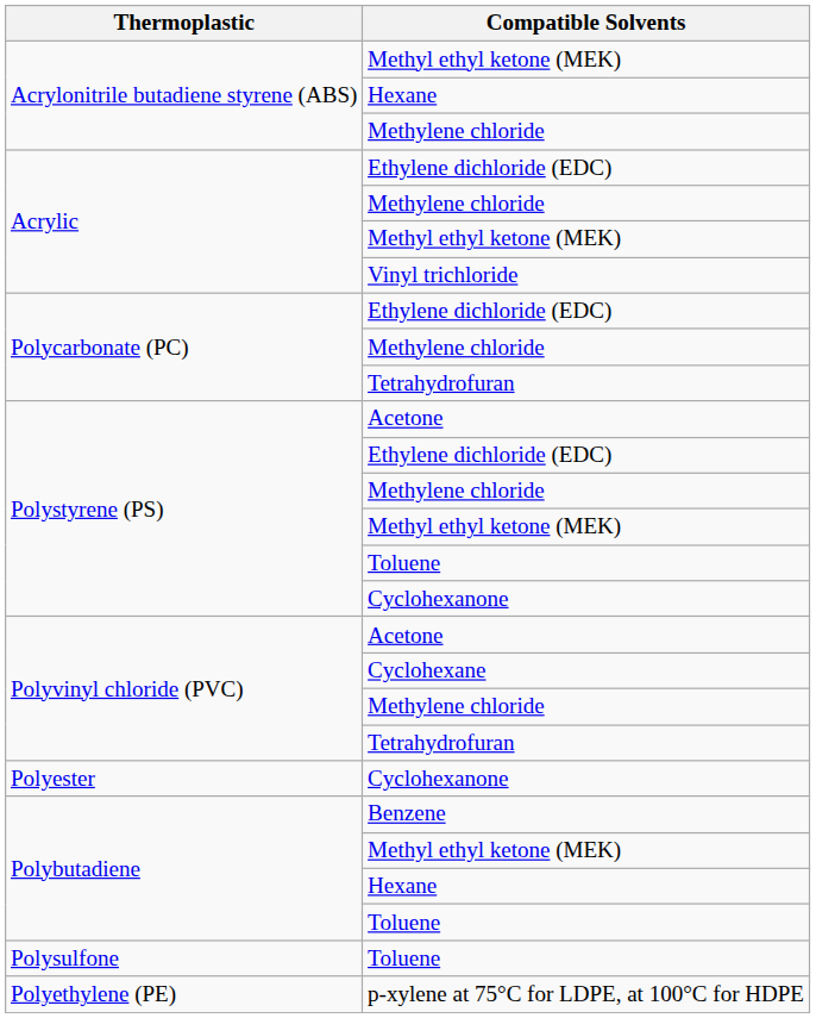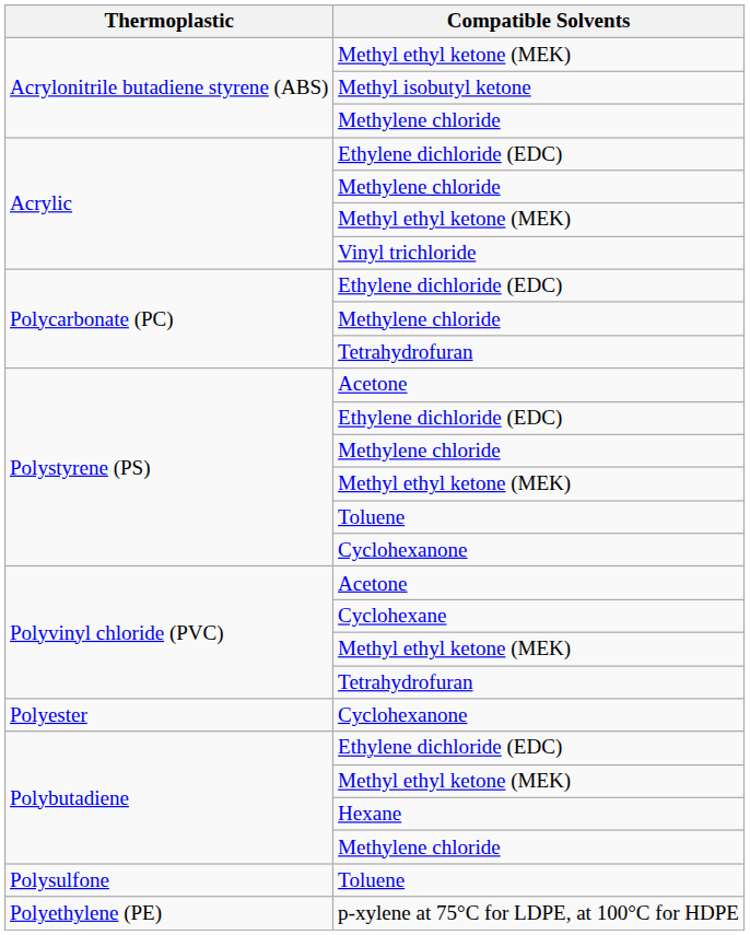 <table class="wikitable">
 <tr>
 <th>Thermoplastic</th>
 <th>Compatible Solvents</th>
 </tr>
 <tr>
 <td rowspan="3"><a href='#'>Acrylonitrile butadiene styrene</a> (ABS)</td>
 <td><a href='#'>Methyl ethyl ketone</a> (MEK)</td>
 </tr>
 <tr>
-<td><a href='#'>Hexane</a></td>
+<td><a href='#'>Methyl isobutyl ketone</a></td>
 </tr>
 <tr>
 <td><a href='#'>Methylene chloride</a></td>
 </tr>
 <tr>
 <td rowspan="4"><a href='#'>Acrylic</a></td>
 <td><a href='#'>Ethylene dichloride</a> (EDC)</td>
 </tr>
 <tr>
 <td><a href='#'>Methylene chloride</a></td>
 </tr>
 <tr>
 <td><a href='#'>Methyl ethyl ketone</a> (MEK)</td>
 </tr>
 <tr>
 <td><a href='#'>Vinyl trichloride</a></td>
 </tr>
 <tr>
 <td rowspan="3"><a href='#'>Polycarbonate</a> (PC)</td>
 <td><a href='#'>Ethylene dichloride</a> (EDC)</td>
 </tr>
 <tr>
 <td><a href='#'>Methylene chloride</a></td>
 </tr>
 <tr>
 <td><a href='#'>Tetrahydrofuran</a></td>
 </tr>
 <tr>
 <td rowspan="6"><a href='#'>Polystyrene</a> (PS)</td>
 <td><a href='#'>Acetone</a></td>
 </tr>
 <tr>
 <td><a href='#'>Ethylene dichloride</a> (EDC)</td>
 </tr>
 <tr>
 <td><a href='#'>Methylene chloride</a></td>
 </tr>
 <tr>
 <td><a href='#'>Methyl ethyl ketone</a> (MEK)</td>
 </tr>
 <tr>
 <td><a href='#'>Toluene</a></td>
 </tr>
 <tr>
 <td><a href='#'>Cyclohexanone</a></td>
 </tr>
 <tr>
 <td rowspan="4"><a href='#'>Polyvinyl chloride</a> (PVC)</td>
 <td><a href='#'>Acetone</a></td>
 </tr>
 <tr>
 <td><a href='#'>Cyclohexane</a></td>
 </tr>
 <tr>
-<td><a href='#'>Methylene chloride</a></td>
+<td><a href='#'>Methyl ethyl ketone</a> (MEK)</td>
 </tr>
 <tr>
 <td><a href='#'>Tetrahydrofuran</a></td>
 </tr>
 <tr>
 <td><a href='#'>Polyester</a></td>
 <td><a href='#'>Cyclohexanone</a></td>
 </tr>
 <tr>
 <td rowspan="4"><a href='#'>Polybutadiene</a></td>
-<td><a href='#'>Benzene</a></td>
+<td><a href='#'>Ethylene dichloride</a> (EDC)</td>
 </tr>
 <tr>
 <td><a href='#'>Methyl ethyl ketone</a> (MEK)</td>
 </tr>
 <tr>
 <td><a href='#'>Hexane</a></td>
 </tr>
 <tr>
-<td><a href='#'>Toluene</a></td>
+<td><a href='#'>Methylene chloride</a></td>
 </tr>
 <tr>
 <td><a href='#'>Polysulfone</a></td>
 <td><a href='#'>Toluene</a></td>
 </tr>
 <tr>
 <td><a href='#'>Polyethylene</a> (PE)</td>
 <td>p-xylene at 75°C for LDPE, at 100°C for HDPE</td>
 </tr>
 </table>
